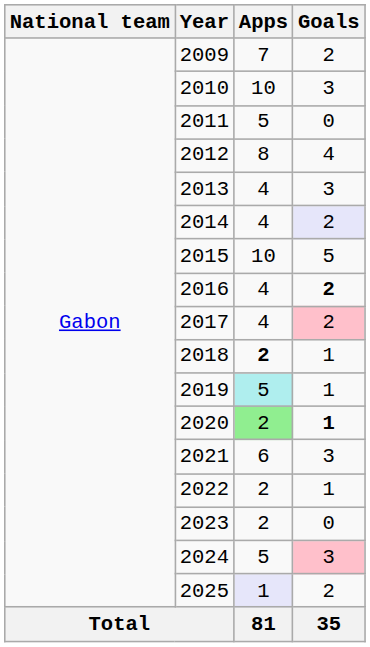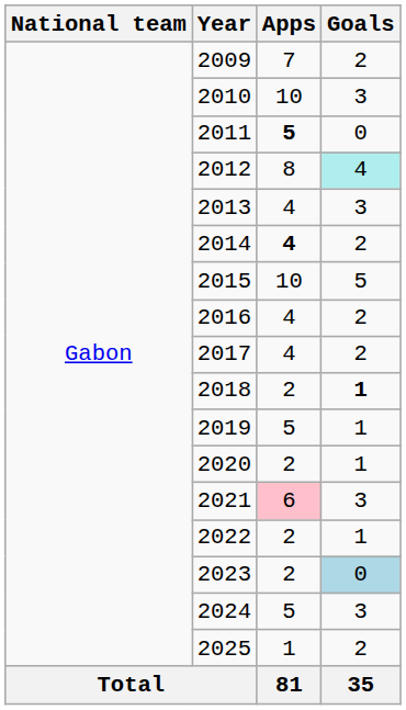 <table class="wikitable" style="text-align:center">
 <tr>
 <th>National team</th>
 <th>Year</th>
 <th>Apps</th>
 <th>Goals</th>
 </tr>
 <tr>
 <td rowspan="17"><a href='#'>Gabon</a></td>
 <td>2009</td>
 <td>7</td>
 <td>2</td>
 </tr>
 <tr>
 <td>2010</td>
 <td>10</td>
 <td>3</td>
 </tr>
 <tr>
 <td>2011</td>
-<td>5</td>
+<td><strong>5</strong></td>
 <td>0</td>
 </tr>
 <tr>
 <td>2012</td>
 <td>8</td>
-<td>4</td>
+<td style="background: paleturquoise;">4</td>
 </tr>
 <tr>
 <td>2013</td>
 <td>4</td>
 <td>3</td>
 </tr>
 <tr>
 <td>2014</td>
-<td>4</td>
-<td style="background: lavender;">2</td>
+<td><strong>4</strong></td>
+<td>2</td>
 </tr>
 <tr>
 <td>2015</td>
 <td>10</td>
 <td>5</td>
 </tr>
 <tr>
 <td>2016</td>
 <td>4</td>
-<td><strong>2</strong></td>
+<td>2</td>
 </tr>
 <tr>
 <td>2017</td>
 <td>4</td>
-<td style="background: pink;">2</td>
+<td>2</td>
 </tr>
 <tr>
 <td>2018</td>
-<td><strong>2</strong></td>
-<td>1</td>
+<td>2</td>
+<td><strong>1</strong></td>
 </tr>
 <tr>
 <td>2019</td>
-<td style="background: paleturquoise;">5</td>
+<td>5</td>
 <td>1</td>
 </tr>
 <tr>
 <td>2020</td>
-<td style="background: lightgreen;">2</td>
-<td><strong>1</strong></td>
+<td>2</td>
+<td>1</td>
 </tr>
 <tr>
 <td>2021</td>
-<td>6</td>
+<td style="background: pink;">6</td>
 <td>3</td>
 </tr>
 <tr>
 <td>2022</td>
 <td>2</td>
 <td>1</td>
 </tr>
 <tr>
 <td>2023</td>
 <td>2</td>
-<td>0</td>
+<td style="background: lightblue;">0</td>
 </tr>
 <tr>
 <td>2024</td>
 <td>5</td>
-<td style="background: pink;">3</td>
+<td>3</td>
 </tr>
 <tr>
 <td>2025</td>
-<td style="background: lavender;">1</td>
+<td>1</td>
 <td>2</td>
 </tr>
 <tr>
 <th colspan="2">Total</th>
 <th>81</th>
 <th>35</th>
 </tr>
 </table>
